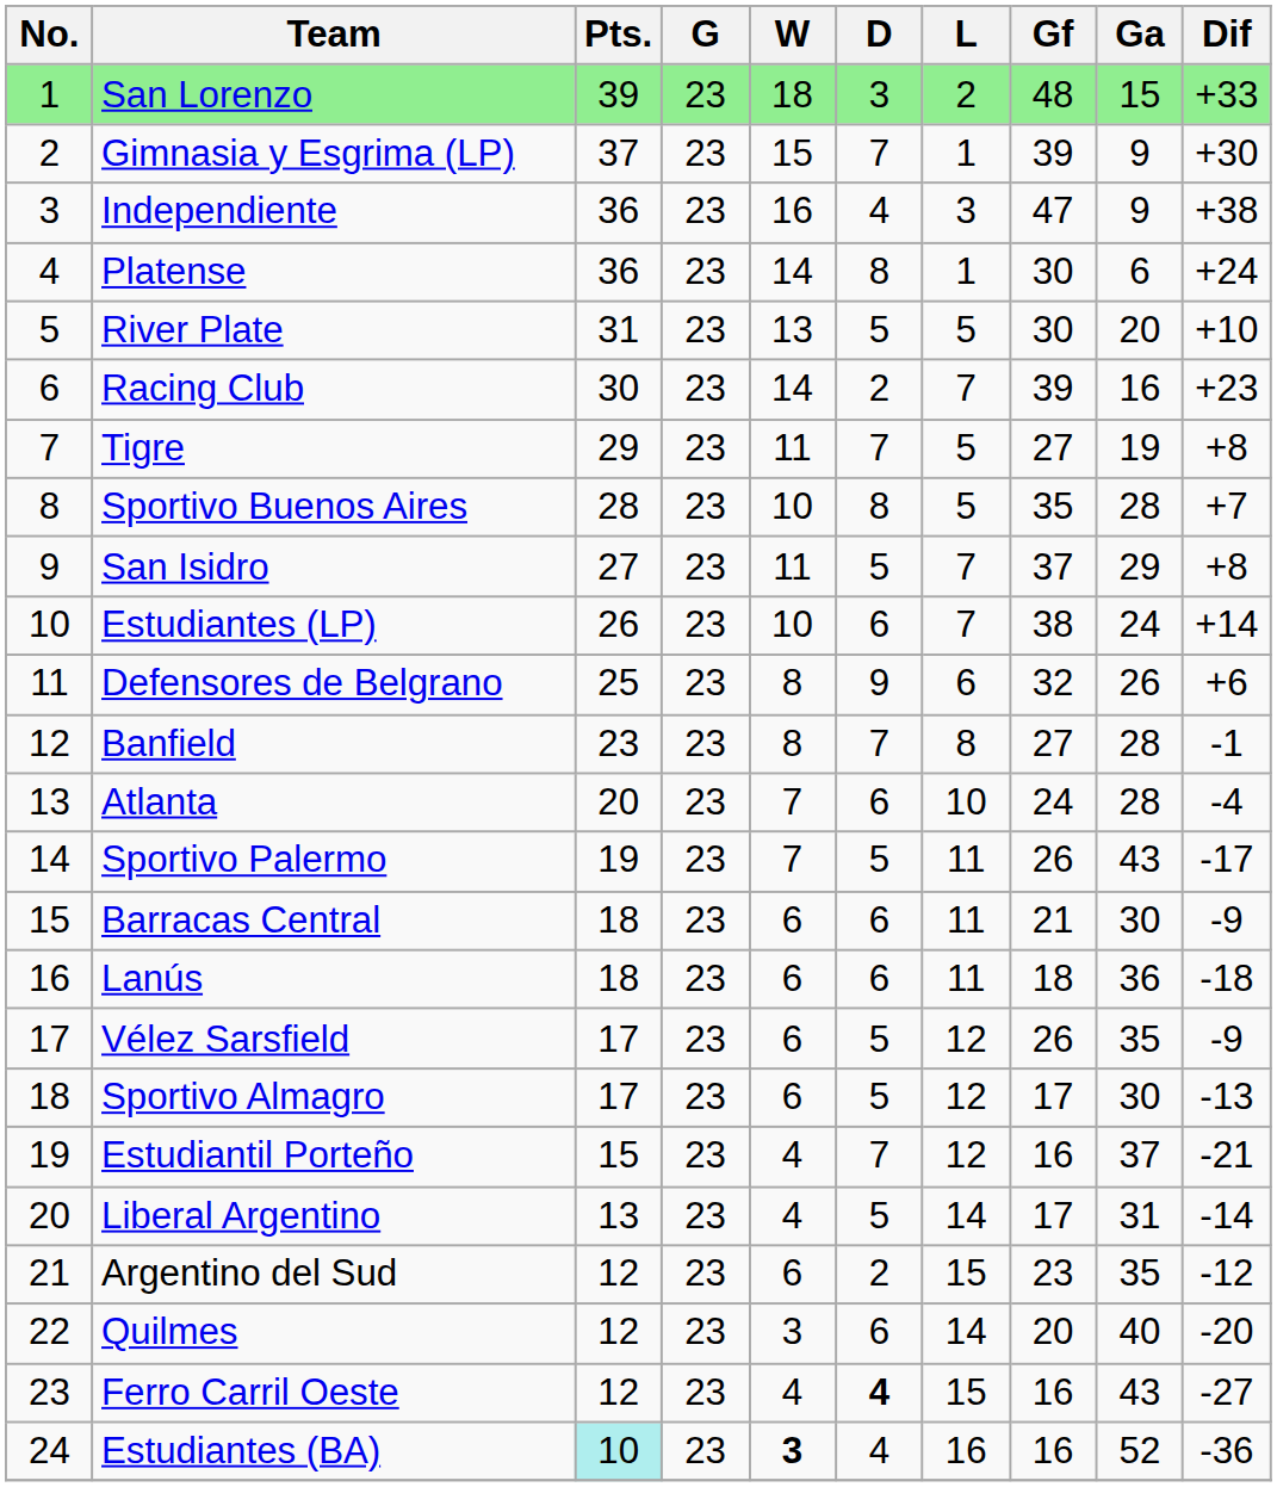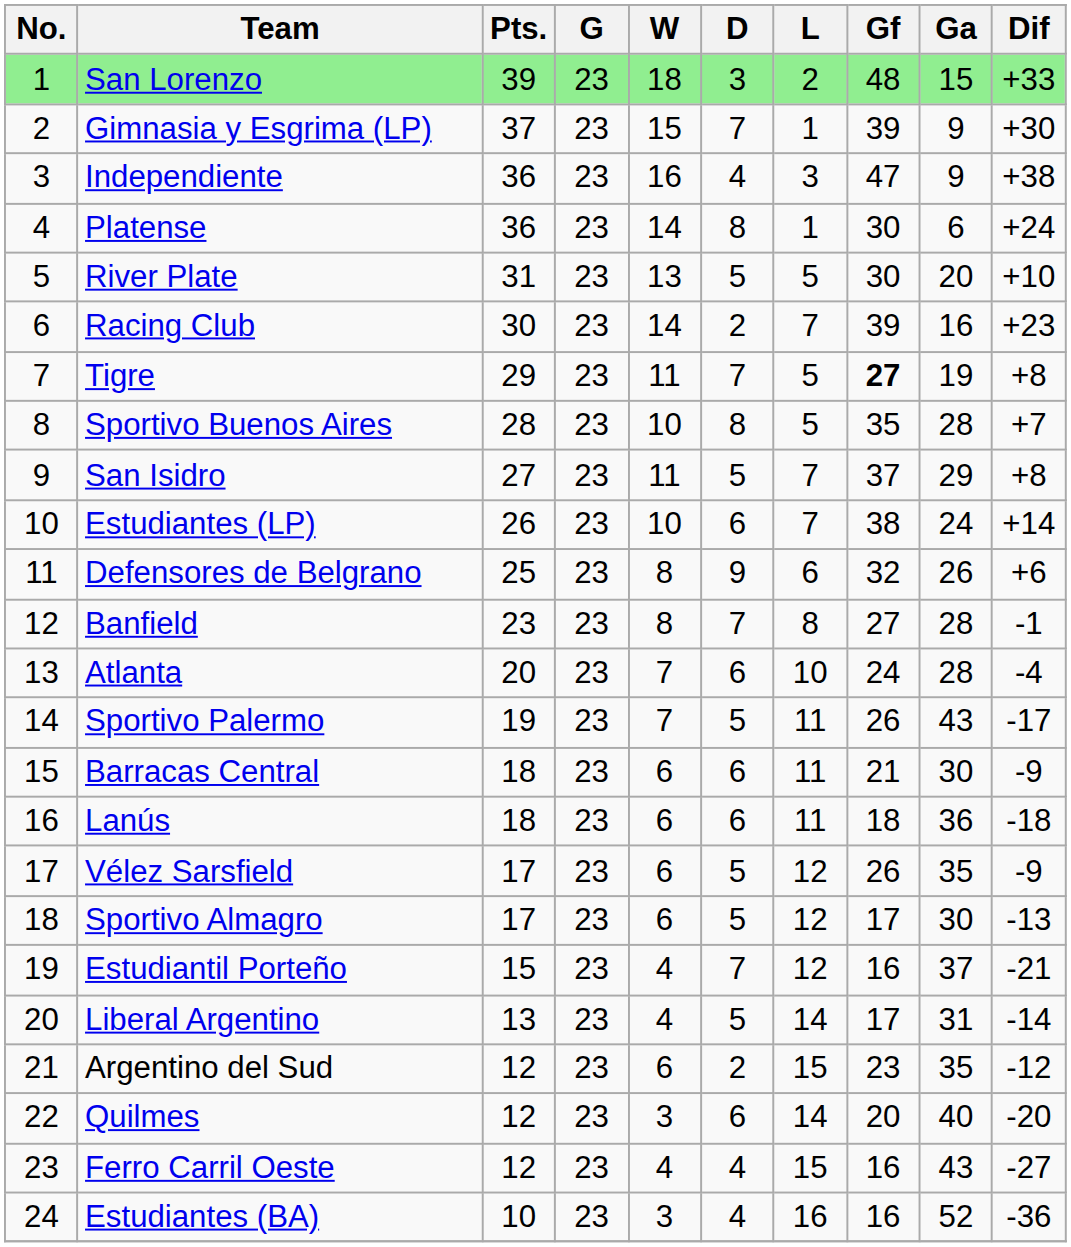 <table class="wikitable" style="text-align:center">
 <tr>
 <th width=30px>No.</th>
 <th width=200px>Team</th>
 <th width=30px>Pts.</th>
 <th width=30px>G</th>
 <th width=30px>W</th>
 <th width=30px>D</th>
 <th width=30px>L</th>
 <th width=30px>Gf</th>
 <th width=30px>Ga</th>
 <th width=30px>Dif</th>
 </tr>
 <tr bgcolor="lightgreen">
 <td>1</td>
 <td align="left"><a href='#'>San Lorenzo</a></td>
 <td>39</td>
 <td>23</td>
 <td>18</td>
 <td>3</td>
 <td>2</td>
 <td>48</td>
 <td>15</td>
 <td>+33</td>
 </tr>
 <tr>
 <td>2</td>
 <td align="left"><a href='#'>Gimnasia y Esgrima (LP)</a></td>
 <td>37</td>
 <td>23</td>
 <td>15</td>
 <td>7</td>
 <td>1</td>
 <td>39</td>
 <td>9</td>
 <td>+30</td>
 </tr>
 <tr>
 <td>3</td>
 <td align="left"><a href='#'>Independiente</a></td>
 <td>36</td>
 <td>23</td>
 <td>16</td>
 <td>4</td>
 <td>3</td>
 <td>47</td>
 <td>9</td>
 <td>+38</td>
 </tr>
 <tr>
 <td>4</td>
 <td align="left"><a href='#'>Platense</a></td>
 <td>36</td>
 <td>23</td>
 <td>14</td>
 <td>8</td>
 <td>1</td>
 <td>30</td>
 <td>6</td>
 <td>+24</td>
 </tr>
 <tr>
 <td>5</td>
 <td align="left"><a href='#'>River Plate</a></td>
 <td>31</td>
 <td>23</td>
 <td>13</td>
 <td>5</td>
 <td>5</td>
 <td>30</td>
 <td>20</td>
 <td>+10</td>
 </tr>
 <tr>
 <td>6</td>
 <td align="left"><a href='#'>Racing Club</a></td>
 <td>30</td>
 <td>23</td>
 <td>14</td>
 <td>2</td>
 <td>7</td>
 <td>39</td>
 <td>16</td>
 <td>+23</td>
 </tr>
 <tr>
 <td>7</td>
 <td align="left"><a href='#'>Tigre</a></td>
 <td>29</td>
 <td>23</td>
 <td>11</td>
 <td>7</td>
 <td>5</td>
-<td>27</td>
+<td><strong>27</strong></td>
 <td>19</td>
 <td>+8</td>
 </tr>
 <tr>
 <td>8</td>
 <td align="left"><a href='#'>Sportivo Buenos Aires</a></td>
 <td>28</td>
 <td>23</td>
 <td>10</td>
 <td>8</td>
 <td>5</td>
 <td>35</td>
 <td>28</td>
 <td>+7</td>
 </tr>
 <tr>
 <td>9</td>
 <td align="left"><a href='#'>San Isidro</a></td>
 <td>27</td>
 <td>23</td>
 <td>11</td>
 <td>5</td>
 <td>7</td>
 <td>37</td>
 <td>29</td>
 <td>+8</td>
 </tr>
 <tr>
 <td>10</td>
 <td align="left"><a href='#'>Estudiantes (LP)</a></td>
 <td>26</td>
 <td>23</td>
 <td>10</td>
 <td>6</td>
 <td>7</td>
 <td>38</td>
 <td>24</td>
 <td>+14</td>
 </tr>
 <tr>
 <td>11</td>
 <td align="left"><a href='#'>Defensores de Belgrano</a></td>
 <td>25</td>
 <td>23</td>
 <td>8</td>
 <td>9</td>
 <td>6</td>
 <td>32</td>
 <td>26</td>
 <td>+6</td>
 </tr>
 <tr>
 <td>12</td>
 <td align="left"><a href='#'>Banfield</a></td>
 <td>23</td>
 <td>23</td>
 <td>8</td>
 <td>7</td>
 <td>8</td>
 <td>27</td>
 <td>28</td>
 <td>-1</td>
 </tr>
 <tr>
 <td>13</td>
 <td align="left"><a href='#'>Atlanta</a></td>
 <td>20</td>
 <td>23</td>
 <td>7</td>
 <td>6</td>
 <td>10</td>
 <td>24</td>
 <td>28</td>
 <td>-4</td>
 </tr>
 <tr>
 <td>14</td>
 <td align="left"><a href='#'>Sportivo Palermo</a></td>
 <td>19</td>
 <td>23</td>
 <td>7</td>
 <td>5</td>
 <td>11</td>
 <td>26</td>
 <td>43</td>
 <td>-17</td>
 </tr>
 <tr>
 <td>15</td>
 <td align="left"><a href='#'>Barracas Central</a></td>
 <td>18</td>
 <td>23</td>
 <td>6</td>
 <td>6</td>
 <td>11</td>
 <td>21</td>
 <td>30</td>
 <td>-9</td>
 </tr>
 <tr>
 <td>16</td>
 <td align="left"><a href='#'>Lanús</a></td>
 <td>18</td>
 <td>23</td>
 <td>6</td>
 <td>6</td>
 <td>11</td>
 <td>18</td>
 <td>36</td>
 <td>-18</td>
 </tr>
 <tr>
 <td>17</td>
 <td align="left"><a href='#'>Vélez Sarsfield</a></td>
 <td>17</td>
 <td>23</td>
 <td>6</td>
 <td>5</td>
 <td>12</td>
 <td>26</td>
 <td>35</td>
 <td>-9</td>
 </tr>
 <tr>
 <td>18</td>
 <td align="left"><a href='#'>Sportivo Almagro</a></td>
 <td>17</td>
 <td>23</td>
 <td>6</td>
 <td>5</td>
 <td>12</td>
 <td>17</td>
 <td>30</td>
 <td>-13</td>
 </tr>
 <tr>
 <td>19</td>
 <td align="left"><a href='#'>Estudiantil Porteño</a></td>
 <td>15</td>
 <td>23</td>
 <td>4</td>
 <td>7</td>
 <td>12</td>
 <td>16</td>
 <td>37</td>
 <td>-21</td>
 </tr>
 <tr>
 <td>20</td>
 <td align="left"><a href='#'>Liberal Argentino</a></td>
 <td>13</td>
 <td>23</td>
 <td>4</td>
 <td>5</td>
 <td>14</td>
 <td>17</td>
 <td>31</td>
 <td>-14</td>
 </tr>
 <tr>
 <td>21</td>
 <td align="left">Argentino del Sud</td>
 <td>12</td>
 <td>23</td>
 <td>6</td>
 <td>2</td>
 <td>15</td>
 <td>23</td>
 <td>35</td>
 <td>-12</td>
 </tr>
 <tr>
 <td>22</td>
 <td align="left"><a href='#'>Quilmes</a></td>
 <td>12</td>
 <td>23</td>
 <td>3</td>
 <td>6</td>
 <td>14</td>
 <td>20</td>
 <td>40</td>
 <td>-20</td>
 </tr>
 <tr>
 <td>23</td>
 <td align="left"><a href='#'>Ferro Carril Oeste</a></td>
 <td>12</td>
 <td>23</td>
 <td>4</td>
-<td><strong>4</strong></td>
+<td>4</td>
 <td>15</td>
 <td>16</td>
 <td>43</td>
 <td>-27</td>
 </tr>
 <tr>
 <td>24</td>
 <td align="left"><a href='#'>Estudiantes (BA)</a></td>
-<td style="background: paleturquoise;">10</td>
+<td>10</td>
 <td>23</td>
-<td><strong>3</strong></td>
+<td>3</td>
 <td>4</td>
 <td>16</td>
 <td>16</td>
 <td>52</td>
 <td>-36</td>
 </tr>
 <tr>
 </tr>
 </table>
